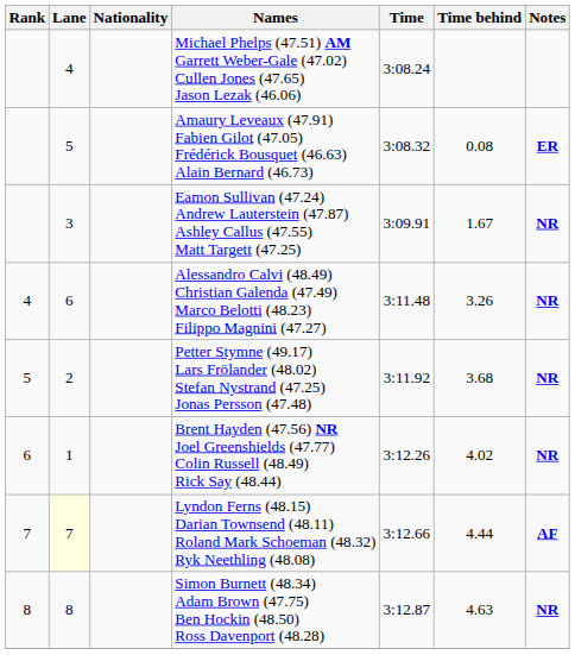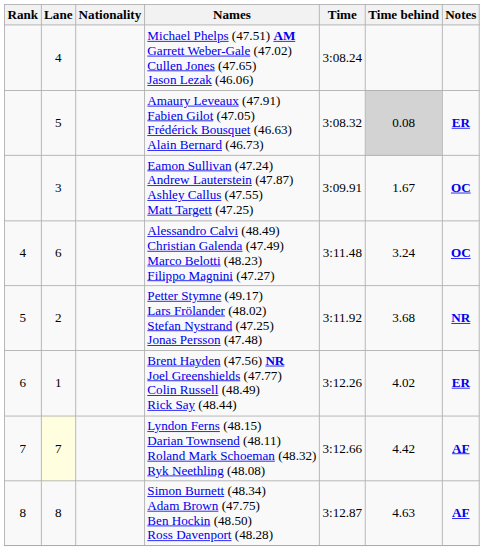 <table class="wikitable sortable" style="text-align:center">
 <tr>
 <th>Rank</th>
 <th>Lane</th>
 <th>Nationality</th>
 <th>Names</th>
 <th>Time</th>
 <th>Time behind</th>
 <th>Notes</th>
 </tr>
 <tr>
 <td></td>
 <td>4</td>
 <td align=left></td>
 <td align=left><a href='#'>Michael Phelps</a> (47.51) <strong><a href='#'>AM</a></strong><br><a href='#'>Garrett Weber-Gale</a> (47.02)<br><a href='#'>Cullen Jones</a> (47.65)<br><a href='#'>Jason Lezak</a> (46.06)</td>
 <td>3:08.24</td>
 <td></td>
 <td></td>
 </tr>
 <tr>
 <td></td>
 <td>5</td>
 <td align=left></td>
 <td align=left><a href='#'>Amaury Leveaux</a> (47.91) <br><a href='#'>Fabien Gilot</a> (47.05)<br><a href='#'>Frédérick Bousquet</a> (46.63)<br><a href='#'>Alain Bernard</a> (46.73)</td>
 <td>3:08.32</td>
-<td>0.08</td>
+<td style="background: lightgrey;">0.08</td>
 <td><strong><a href='#'>ER</a></strong></td>
 </tr>
 <tr>
 <td></td>
 <td>3</td>
 <td align=left></td>
 <td align=left><a href='#'>Eamon Sullivan</a> (47.24) <br><a href='#'>Andrew Lauterstein</a> (47.87)<br><a href='#'>Ashley Callus</a> (47.55)<br><a href='#'>Matt Targett</a> (47.25)</td>
 <td>3:09.91</td>
 <td>1.67</td>
-<td><strong><a href='#'>NR</a></strong></td>
+<td><strong><a href='#'>OC</a></strong></td>
 </tr>
 <tr>
 <td>4</td>
 <td>6</td>
 <td align=left></td>
 <td align=left><a href='#'>Alessandro Calvi</a> (48.49)<br><a href='#'>Christian Galenda</a> (47.49)<br><a href='#'>Marco Belotti</a> (48.23)<br><a href='#'>Filippo Magnini</a> (47.27)</td>
 <td>3:11.48</td>
-<td>3.26</td>
-<td><strong><a href='#'>NR</a></strong></td>
+<td>3.24</td>
+<td><strong><a href='#'>OC</a></strong></td>
 </tr>
 <tr>
 <td>5</td>
 <td>2</td>
 <td align=left></td>
 <td align=left><a href='#'>Petter Stymne</a> (49.17)<br><a href='#'>Lars Frölander</a> (48.02)<br><a href='#'>Stefan Nystrand</a> (47.25)<br><a href='#'>Jonas Persson</a> (47.48)</td>
 <td>3:11.92</td>
 <td>3.68</td>
 <td><strong><a href='#'>NR</a></strong></td>
 </tr>
 <tr>
 <td>6</td>
 <td>1</td>
 <td align=left></td>
 <td align=left><a href='#'>Brent Hayden</a> (47.56) <strong><a href='#'>NR</a></strong><br><a href='#'>Joel Greenshields</a> (47.77)<br><a href='#'>Colin Russell</a> (48.49)<br><a href='#'>Rick Say</a> (48.44)</td>
 <td>3:12.26</td>
 <td>4.02</td>
-<td><strong><a href='#'>NR</a></strong></td>
+<td><strong><a href='#'>ER</a></strong></td>
 </tr>
 <tr>
 <td>7</td>
 <td style="background: lightyellow;">7</td>
 <td align=left></td>
 <td align=left><a href='#'>Lyndon Ferns</a> (48.15)<br><a href='#'>Darian Townsend</a> (48.11)<br><a href='#'>Roland Mark Schoeman</a> (48.32)<br><a href='#'>Ryk Neethling</a> (48.08)</td>
 <td>3:12.66</td>
-<td>4.44</td>
+<td>4.42</td>
 <td><strong><a href='#'>AF</a></strong></td>
 </tr>
 <tr>
 <td>8</td>
 <td>8</td>
 <td align=left></td>
 <td align=left><a href='#'>Simon Burnett</a> (48.34)<br><a href='#'>Adam Brown</a> (47.75)<br><a href='#'>Ben Hockin</a> (48.50)<br><a href='#'>Ross Davenport</a> (48.28)</td>
 <td>3:12.87</td>
 <td>4.63</td>
-<td><strong><a href='#'>NR</a></strong></td>
+<td><strong><a href='#'>AF</a></strong></td>
 </tr>
 <tr>
 </tr>
 </table>
